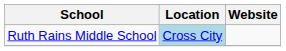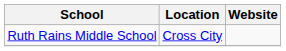 <table class="wikitable" style="text-align:center">
 <tr>
 <th>School</th>
 <th>Location</th>
 <th>Website</th>
 </tr>
 <tr>
 <td><a href='#'>Ruth Rains Middle School</a></td>
-<td style="background: lightblue;"><a href='#'>Cross City</a></td>
+<td><a href='#'>Cross City</a></td>
 <td></td>
 </tr>
 <tr>
 </tr>
 </table>
